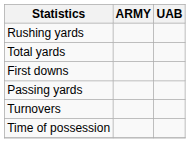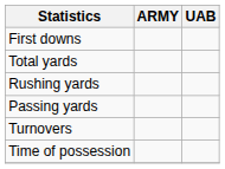 <table class="wikitable">
 <tr>
 <th>Statistics</th>
 <th>ARMY</th>
 <th>UAB</th>
 </tr>
 <tr>
-<td>Rushing yards</td>
+<td>First downs</td>
 <td></td>
 <td></td>
 </tr>
 <tr>
 <td>Total yards</td>
 <td></td>
 <td></td>
 </tr>
 <tr>
-<td>First downs</td>
+<td>Rushing yards</td>
 <td></td>
 <td></td>
 </tr>
 <tr>
 <td>Passing yards</td>
 <td></td>
 <td></td>
 </tr>
 <tr>
 <td>Turnovers</td>
 <td></td>
 <td></td>
 </tr>
 <tr>
 <td>Time of possession</td>
 <td></td>
 <td></td>
 </tr>
 <tr>
 </tr>
 </table>
